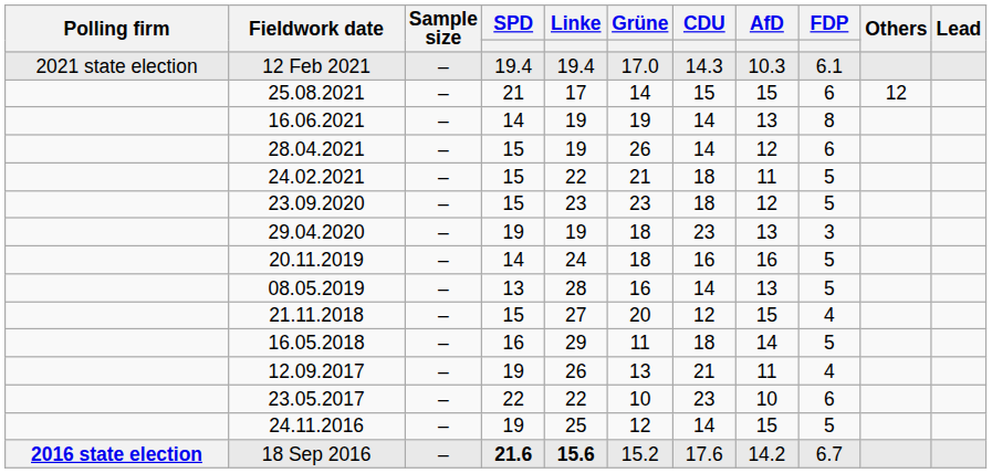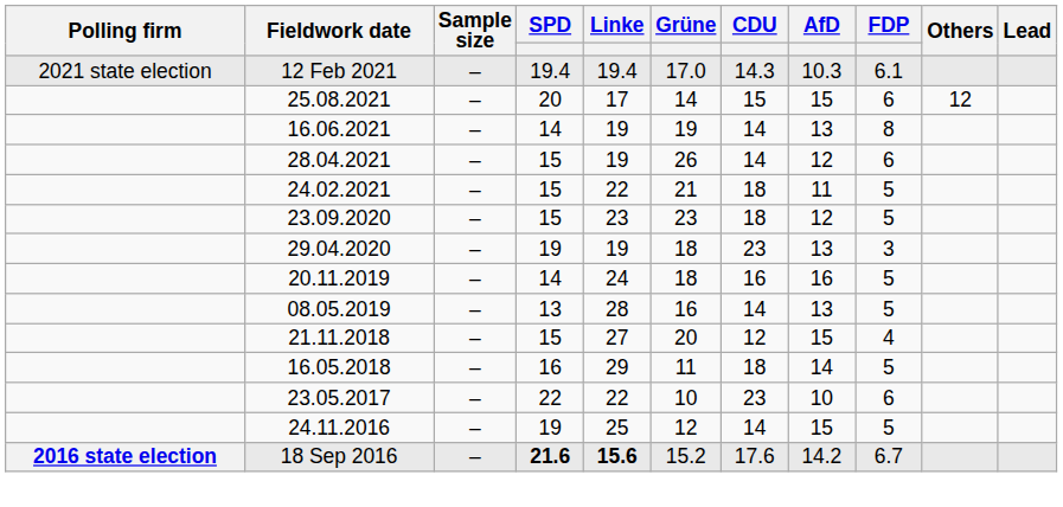 <table class="wikitable sortable" style="text-align:center;font-size:90%;line-height:14px;">
 <tr>
 <th rowspan="2" style="width:160px;">Polling firm</th>
 <th rowspan="2" style="width:125px;">Fieldwork date</th>
 <th rowspan="2" style="width:35px;">Sample<br>size</th>
 <th class="unsortable" style="width:40px;"><a href='#'>SPD</a></th>
 <th class="unsortable" style="width:40px;"><a href='#'>Linke</a></th>
 <th class="unsortable" style="width:40px;"><a href='#'>Grüne</a></th>
 <th class="unsortable" style="width:40px;"><a href='#'>CDU</a></th>
 <th class="unsortable" style="width:40px;"><a href='#'>AfD</a></th>
 <th class="unsortable" style="width:40px;"><a href='#'>FDP</a></th>
 <th rowspan="2" class="unsortable" style="width:40px;">Others</th>
 <th rowspan="2" style="width:30px;">Lead</th>
 </tr>
 <tr>
 <th style="background:"></th>
 <th style="background:"></th>
 <th style="background:"></th>
 <th style="background:"></th>
 <th style="background:"></th>
 <th style="background:"></th>
 </tr>
 <tr style="background:#E9E9E9;">
 <td>2021 state election</td>
 <td>12 Feb 2021</td>
 <td>–</td>
 <td>19.4</td>
 <td>19.4</td>
 <td>17.0</td>
 <td>14.3</td>
 <td>10.3</td>
 <td>6.1</td>
 <td></td>
 <td></td>
 </tr>
 <tr>
 <td></td>
 <td data-sort-value="2023-02-02">25.08.2021</td>
 <td>–</td>
-<td>21</td>
+<td>20</td>
 <td>17</td>
 <td>14</td>
 <td>15</td>
 <td>15</td>
 <td>6</td>
 <td>12</td>
 <td style="background:"></td>
 </tr>
 <tr>
 <td></td>
 <td data-sort-value="2023-02-02">16.06.2021</td>
 <td>–</td>
 <td>14</td>
 <td>19</td>
 <td>19</td>
 <td>14</td>
 <td>13</td>
 <td>8</td>
 <td></td>
 <td style="background:"></td>
 </tr>
 <tr>
 <td></td>
 <td data-sort-value="2023-02-02">28.04.2021</td>
 <td>–</td>
 <td>15</td>
 <td>19</td>
 <td>26</td>
 <td>14</td>
 <td>12</td>
 <td>6</td>
 <td></td>
 <td style="background:"></td>
 </tr>
 <tr>
 <td></td>
 <td data-sort-value="2023-02-02">24.02.2021</td>
 <td>–</td>
 <td>15</td>
 <td>22</td>
 <td>21</td>
 <td>18</td>
 <td>11</td>
 <td>5</td>
 <td></td>
 <td style="background:"></td>
 </tr>
 <tr>
 <td></td>
 <td data-sort-value="2023-02-02">23.09.2020</td>
 <td>–</td>
 <td>15</td>
 <td>23</td>
 <td>23</td>
 <td>18</td>
 <td>12</td>
 <td>5</td>
 <td></td>
 <td style="background:"></td>
 </tr>
 <tr>
 <td></td>
 <td data-sort-value="2023-02-02">29.04.2020</td>
 <td>–</td>
 <td>19</td>
 <td>19</td>
 <td>18</td>
 <td>23</td>
 <td>13</td>
 <td>3</td>
 <td></td>
 <td style="background:"></td>
 </tr>
 <tr>
 <td></td>
 <td data-sort-value="2023-02-02">20.11.2019</td>
 <td>–</td>
 <td>14</td>
 <td>24</td>
 <td>18</td>
 <td>16</td>
 <td>16</td>
 <td>5</td>
 <td></td>
 <td style="background:"></td>
 </tr>
 <tr>
 <td></td>
 <td data-sort-value="2023-02-02">08.05.2019</td>
 <td>–</td>
 <td>13</td>
 <td>28</td>
 <td>16</td>
 <td>14</td>
 <td>13</td>
 <td>5</td>
 <td></td>
 <td style="background:"></td>
 </tr>
 <tr>
 <td></td>
 <td data-sort-value="2023-02-02">21.11.2018</td>
 <td>–</td>
 <td>15</td>
 <td>27</td>
 <td>20</td>
 <td>12</td>
 <td>15</td>
 <td>4</td>
 <td></td>
 <td style="background:"></td>
 </tr>
 <tr>
 <td></td>
 <td data-sort-value="2023-02-02">16.05.2018</td>
 <td>–</td>
 <td>16</td>
 <td>29</td>
 <td>11</td>
 <td>18</td>
 <td>14</td>
 <td>5</td>
 <td></td>
 <td style="background:"></td>
 </tr>
 <tr>
 <td></td>
-<td data-sort-value="2023-02-02">12.09.2017</td>
-<td>–</td>
-<td>19</td>
-<td>26</td>
-<td>13</td>
-<td>21</td>
-<td>11</td>
-<td>4</td>
-<td></td>
-<td style="background:"></td>
-</tr>
-<tr>
-<td></td>
 <td data-sort-value="2023-02-02">23.05.2017</td>
 <td>–</td>
 <td>22</td>
 <td>22</td>
 <td>10</td>
 <td>23</td>
 <td>10</td>
 <td>6</td>
 <td></td>
 <td style="background:"></td>
 </tr>
 <tr>
 <td></td>
 <td data-sort-value="2023-02-02">24.11.2016</td>
 <td>–</td>
 <td>19</td>
 <td>25</td>
 <td>12</td>
 <td>14</td>
 <td>15</td>
 <td>5</td>
 <td></td>
 <td style="background:"></td>
 </tr>
 <tr style="background:#E9E9E9;">
 <th><a href='#'>2016 state election</a></th>
 <td>18 Sep 2016</td>
 <td>–</td>
 <td><strong>21.6</strong></td>
 <td><strong>15.6</strong></td>
 <td>15.2</td>
 <td>17.6</td>
 <td>14.2</td>
 <td>6.7</td>
 <td></td>
 <td></td>
 </tr>
 </table>
